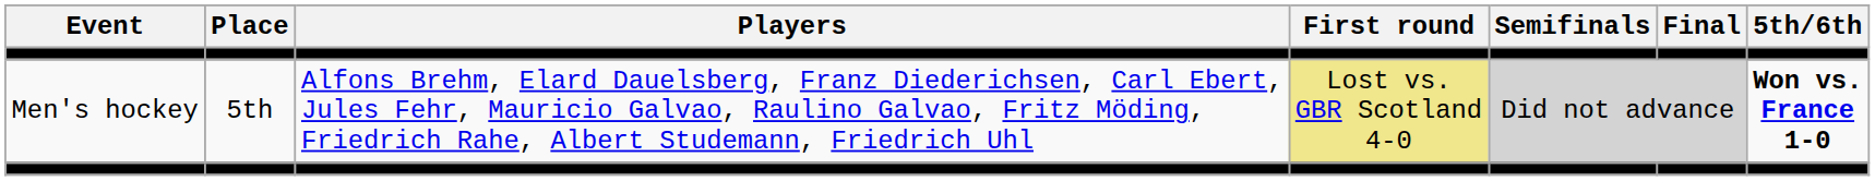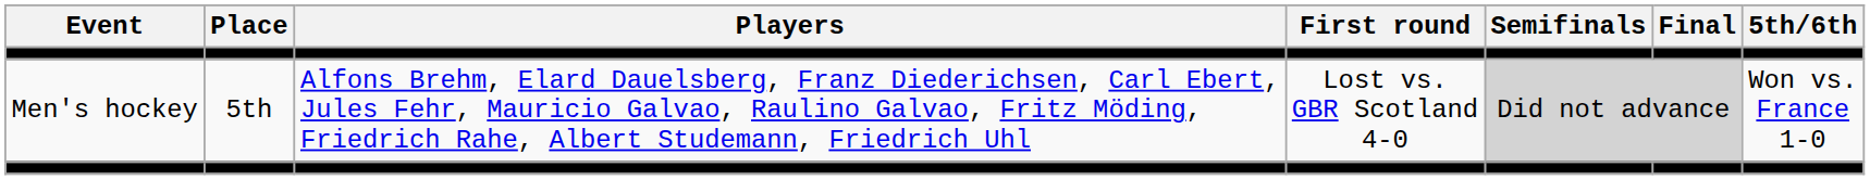 <table class=wikitable>
 <tr>
 <th>Event</th>
 <th>Place</th>
 <th>Players</th>
 <th>First round</th>
 <th>Semifinals</th>
 <th>Final</th>
 <th>5th/6th</th>
 </tr>
 <tr bgcolor=black>
 <td></td>
 <td></td>
 <td></td>
 <td></td>
 <td></td>
 <td></td>
 <td></td>
 </tr>
 <tr align=center>
 <td align=left>Men's hockey</td>
 <td>5th</td>
 <td align=left><a href='#'>Alfons Brehm</a>, <a href='#'>Elard Dauelsberg</a>, <a href='#'>Franz Diederichsen</a>, <a href='#'>Carl Ebert</a>, <br> <a href='#'>Jules Fehr</a>, <a href='#'>Mauricio Galvao</a>, <a href='#'>Raulino Galvao</a>, <a href='#'>Fritz Möding</a>, <br> <a href='#'>Friedrich Rahe</a>, <a href='#'>Albert Studemann</a>, <a href='#'>Friedrich Uhl</a></td>
-<td style="background: khaki;">Lost vs. <br> <a href='#'>GBR</a> Scotland <br> 4-0</td>
+<td>Lost vs. <br> <a href='#'>GBR</a> Scotland <br> 4-0</td>
 <td colspan=2 bgcolor=lightgray>Did not advance</td>
-<td><strong>Won vs. <br> <a href='#'>France</a> <br> 1-0</strong></td>
+<td>Won vs. <br> <a href='#'>France</a> <br> 1-0</td>
 </tr>
 <tr bgcolor=black>
 <td></td>
 <td></td>
 <td></td>
 <td></td>
 <td></td>
 <td></td>
 <td></td>
 </tr>
 </table>
